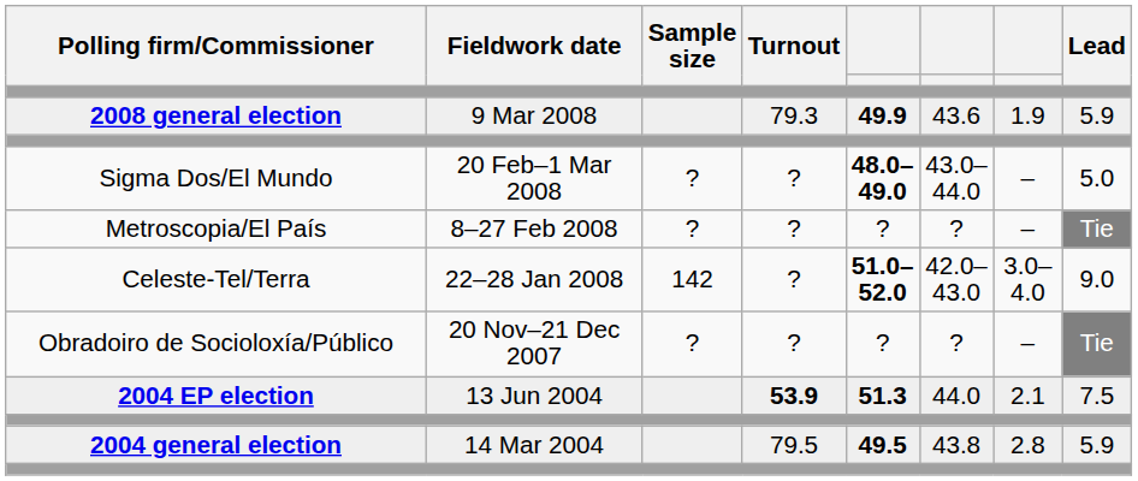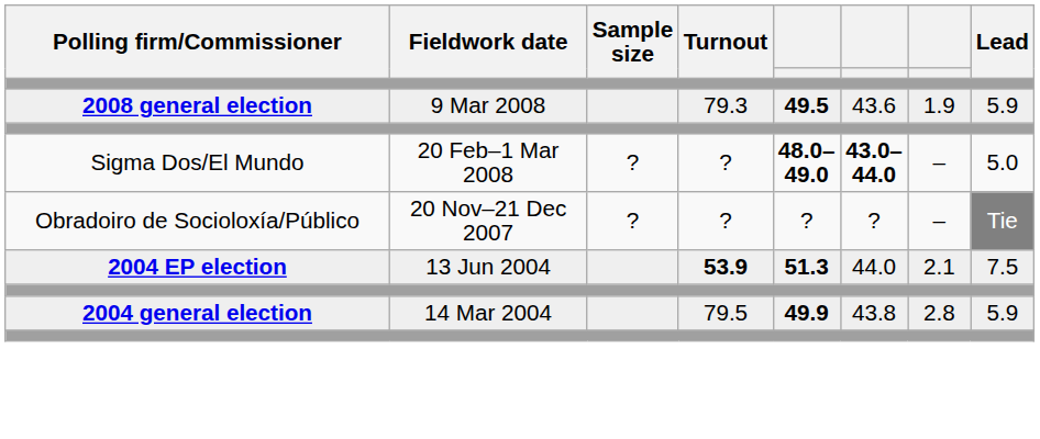 <table class="wikitable collapsible collapsed" style="text-align:center; font-size:95%; line-height:16px;">
 <tr style="height:42px;">
 <th style="width:250px;" rowspan="2">Polling firm/Commissioner</th>
 <th style="width:125px;" rowspan="2">Fieldwork date</th>
 <th style="width:50px;" rowspan="2">Sample size</th>
 <th style="width:45px;" rowspan="2">Turnout</th>
 <th style="width:35px;"></th>
 <th style="width:35px;"></th>
 <th style="width:35px;"></th>
 <th style="width:30px;" rowspan="2">Lead</th>
 </tr>
 <tr>
 <th style="color:inherit;background:"></th>
 <th style="color:inherit;background:"></th>
 <th style="color:inherit;background:"></th>
 </tr>
 <tr>
 <td colspan="8" style="background:#A0A0A0"></td>
 </tr>
 <tr style="background:#EFEFEF;">
 <td><strong><a href='#'>2008 general election</a></strong></td>
 <td>9 Mar 2008</td>
 <td></td>
 <td>79.3</td>
-<td><strong>49.9</strong><br></td>
+<td><strong>49.5</strong><br></td>
 <td>43.6<br></td>
 <td>1.9<br></td>
 <td style="background:">5.9</td>
 </tr>
 <tr>
 <td colspan="8" style="background:#A0A0A0"></td>
 </tr>
 <tr>
 <td>Sigma Dos/El Mundo</td>
 <td>20 Feb–1 Mar 2008</td>
 <td>?</td>
 <td>?</td>
 <td><strong>48.0–<br>49.0</strong><br></td>
-<td>43.0–<br>44.0<br></td>
+<td><strong>43.0–<br>44.0<br></strong></td>
 <td>–</td>
 <td style="background:">5.0</td>
-</tr>
-<tr>
-<td>Metroscopia/El País</td>
-<td>8–27 Feb 2008</td>
-<td>?</td>
-<td>?</td>
-<td>?<br></td>
-<td>?<br></td>
-<td>–</td>
-<td style="background:gray;color:white;">Tie</td>
-</tr>
-<tr>
-<td>Celeste-Tel/Terra</td>
-<td>22–28 Jan 2008</td>
-<td>142</td>
-<td>?</td>
-<td><strong>51.0–<br>52.0</strong><br></td>
-<td>42.0–<br>43.0<br></td>
-<td>3.0–<br>4.0<br></td>
-<td style="background:">9.0</td>
 </tr>
 <tr>
 <td>Obradoiro de Socioloxía/Público</td>
 <td>20 Nov–21 Dec 2007</td>
 <td>?</td>
 <td>?</td>
 <td>?<br></td>
 <td>?<br></td>
 <td>–</td>
 <td style="background:gray;color:white;">Tie</td>
 </tr>
 <tr style="background:#EFEFEF;">
 <td><strong><a href='#'>2004 EP election</a></strong></td>
 <td>13 Jun 2004</td>
 <td></td>
 <td><strong>53.9</strong></td>
 <td><strong>51.3</strong><br></td>
 <td>44.0<br></td>
 <td>2.1<br></td>
 <td style="background:">7.5</td>
 </tr>
 <tr>
 <td colspan="8" style="background:#A0A0A0"></td>
 </tr>
 <tr style="background:#EFEFEF;">
 <td><strong><a href='#'>2004 general election</a></strong></td>
 <td>14 Mar 2004</td>
 <td></td>
 <td>79.5</td>
-<td><strong>49.5</strong><br></td>
+<td><strong>49.9</strong><br></td>
 <td>43.8<br></td>
 <td>2.8<br></td>
 <td style="background:">5.9</td>
 </tr>
 <tr>
 <td colspan="8" style="background:#A0A0A0"></td>
 </tr>
 </table>
